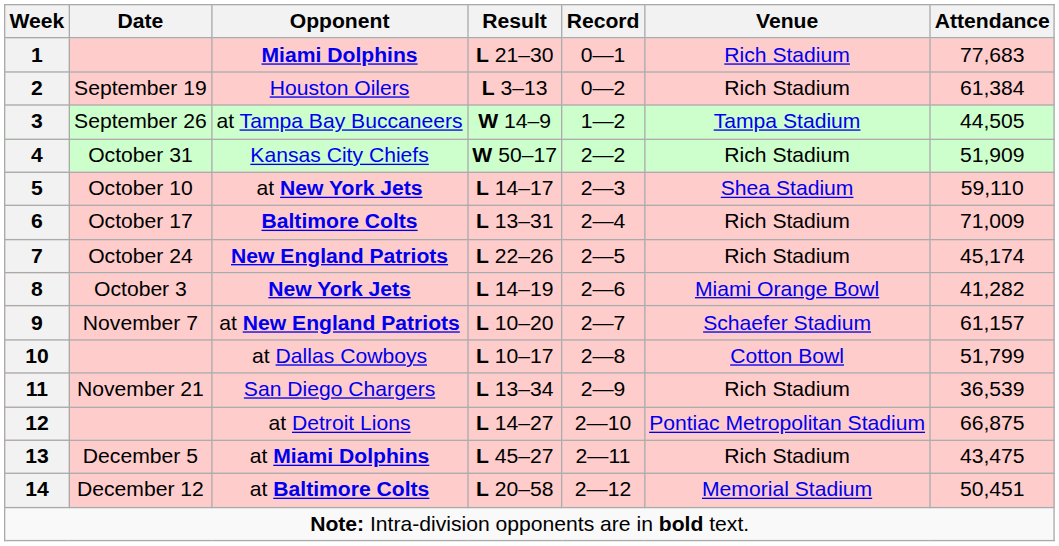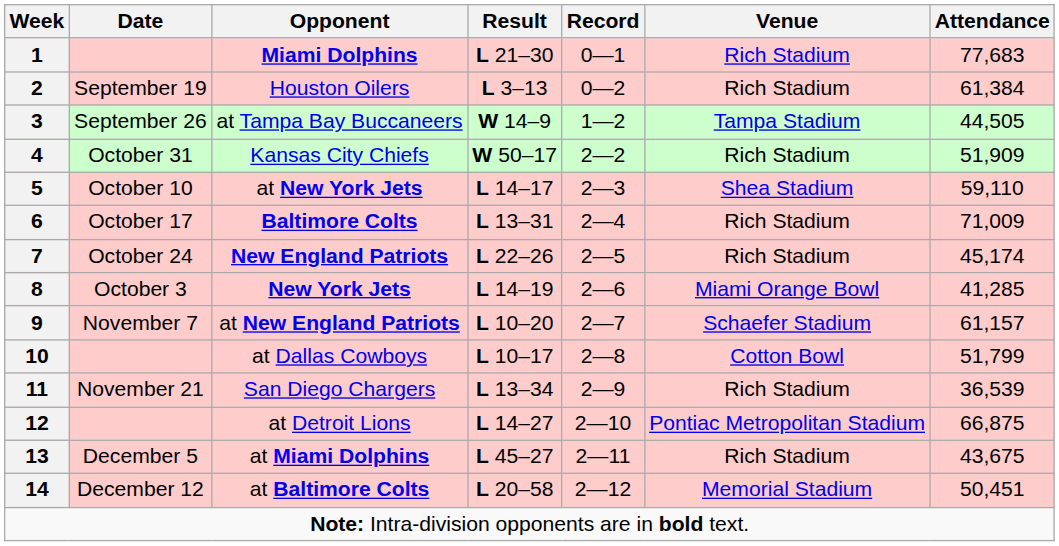 <table class="wikitable" style="text-align:center">
 <tr>
 <th>Week</th>
 <th>Date</th>
 <th>Opponent</th>
 <th>Result</th>
 <th>Record</th>
 <th>Venue</th>
 <th>Attendance</th>
 </tr>
 <tr style="background:#fcc">
 <th>1</th>
 <td></td>
 <td><strong><a href='#'>Miami Dolphins</a></strong></td>
 <td><strong>L</strong> 21–30</td>
 <td>0—1</td>
 <td><a href='#'>Rich Stadium</a></td>
 <td>77,683</td>
 </tr>
 <tr style="background:#fcc">
 <th>2</th>
 <td>September 19</td>
 <td><a href='#'>Houston Oilers</a></td>
 <td><strong>L</strong> 3–13</td>
 <td>0—2</td>
 <td>Rich Stadium</td>
 <td>61,384</td>
 </tr>
 <tr style="background:#cfc">
 <th>3</th>
 <td>September 26</td>
 <td>at <a href='#'>Tampa Bay Buccaneers</a></td>
 <td><strong>W</strong> 14–9</td>
 <td>1—2</td>
 <td><a href='#'>Tampa Stadium</a></td>
 <td>44,505</td>
 </tr>
 <tr style="background:#cfc">
 <th>4</th>
 <td>October 31</td>
 <td><a href='#'>Kansas City Chiefs</a></td>
 <td><strong>W</strong> 50–17</td>
 <td>2—2</td>
 <td>Rich Stadium</td>
 <td>51,909</td>
 </tr>
 <tr style="background:#fcc">
 <th>5</th>
 <td>October 10</td>
 <td>at <strong><a href='#'>New York Jets</a></strong></td>
 <td><strong>L</strong> 14–17</td>
 <td>2—3</td>
 <td><a href='#'>Shea Stadium</a></td>
 <td>59,110</td>
 </tr>
 <tr style="background:#fcc">
 <th>6</th>
 <td>October 17</td>
 <td><strong><a href='#'>Baltimore Colts</a></strong></td>
 <td><strong>L</strong> 13–31</td>
 <td>2—4</td>
 <td>Rich Stadium</td>
 <td>71,009</td>
 </tr>
 <tr style="background:#fcc">
 <th>7</th>
 <td>October 24</td>
 <td><strong><a href='#'>New England Patriots</a></strong></td>
 <td><strong>L</strong> 22–26</td>
 <td>2—5</td>
 <td>Rich Stadium</td>
 <td>45,174</td>
 </tr>
 <tr style="background:#fcc">
 <th>8</th>
 <td>October 3</td>
 <td><strong><a href='#'>New York Jets</a></strong></td>
 <td><strong>L</strong> 14–19</td>
 <td>2—6</td>
 <td><a href='#'>Miami Orange Bowl</a></td>
-<td>41,282</td>
+<td>41,285</td>
 </tr>
 <tr style="background:#fcc">
 <th>9</th>
 <td>November 7</td>
 <td>at <strong><a href='#'>New England Patriots</a></strong></td>
 <td><strong>L</strong> 10–20</td>
 <td>2—7</td>
 <td><a href='#'>Schaefer Stadium</a></td>
 <td>61,157</td>
 </tr>
 <tr style="background:#fcc">
 <th>10</th>
 <td></td>
 <td>at <a href='#'>Dallas Cowboys</a></td>
 <td><strong>L</strong> 10–17</td>
 <td>2—8</td>
 <td><a href='#'>Cotton Bowl</a></td>
 <td>51,799</td>
 </tr>
 <tr style="background:#fcc">
 <th>11</th>
 <td>November 21</td>
 <td><a href='#'>San Diego Chargers</a></td>
 <td><strong>L</strong> 13–34</td>
 <td>2—9</td>
 <td>Rich Stadium</td>
 <td>36,539</td>
 </tr>
 <tr style="background:#fcc">
 <th>12</th>
 <td></td>
 <td>at <a href='#'>Detroit Lions</a></td>
 <td><strong>L</strong> 14–27</td>
 <td>2—10</td>
 <td><a href='#'>Pontiac Metropolitan Stadium</a></td>
 <td>66,875</td>
 </tr>
 <tr style="background:#fcc">
 <th>13</th>
 <td>December 5</td>
 <td>at <strong><a href='#'>Miami Dolphins</a></strong></td>
 <td><strong>L</strong> 45–27</td>
 <td>2—11</td>
 <td>Rich Stadium</td>
-<td>43,475</td>
+<td>43,675</td>
 </tr>
 <tr style="background:#fcc">
 <th>14</th>
 <td>December 12</td>
 <td>at <strong><a href='#'>Baltimore Colts</a></strong></td>
 <td><strong>L</strong> 20–58</td>
 <td>2—12</td>
 <td><a href='#'>Memorial Stadium</a></td>
 <td>50,451</td>
 </tr>
 <tr>
 <td colspan="8"><strong>Note:</strong> Intra-division opponents are in <strong>bold</strong> text.</td>
 </tr>
 </table>
